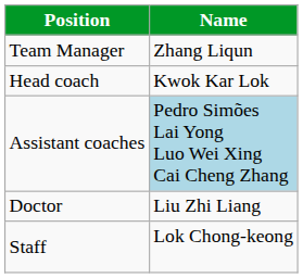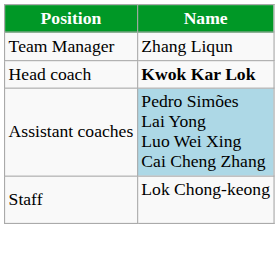 <table class = "wikitable" style = "text-align:center;">
 <tr>
 <th style="color:#FFFFFF;background:#009826">Position</th>
 <th style="color:#FFFFFF;background:#009826">Name</th>
 </tr>
 <tr>
 <td align = "left">Team Manager</td>
 <td align = "left"> Zhang Liqun</td>
 </tr>
 <tr>
 <td align = "left">Head coach</td>
-<td align = "left"> Kwok Kar Lok</td>
+<td align = "left"><strong> Kwok Kar Lok</strong></td>
 </tr>
 <tr>
 <td align = "left">Assistant coaches</td>
 <td align = "left" style="background: lightblue;"> Pedro Simões <br> Lai Yong <br>  Luo Wei Xing <br> Cai Cheng Zhang<br></td>
 </tr>
 <tr>
-<td align = "left">Doctor</td>
-<td align = "left"> Liu Zhi Liang</td>
-</tr>
-<tr>
 <td align = "left">Staff</td>
 <td align = "left"> Lok Chong-keong <br><br> </td>
 </tr>
 </table>
